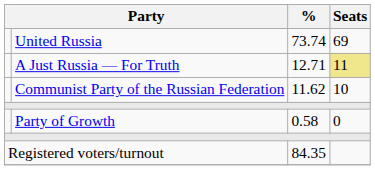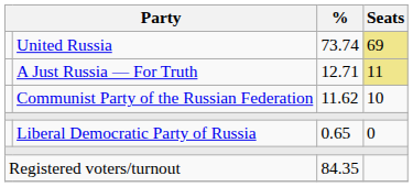 <table class="wikitable">
 <tr>
 <th colspan=2>Party</th>
 <th>%</th>
 <th>Seats</th>
 </tr>
 <tr>
 <td style="background:"></td>
 <td><a href='#'>United Russia</a></td>
 <td>73.74</td>
-<td>69</td>
+<td style="background: khaki;">69</td>
 </tr>
 <tr>
 <td style="background:"></td>
 <td><a href='#'>A Just Russia — For Truth</a></td>
 <td>12.71</td>
 <td style="background: khaki;">11</td>
 </tr>
 <tr>
 <td style="background:"></td>
 <td><a href='#'>Communist Party of the Russian Federation</a></td>
 <td>11.62</td>
 <td>10</td>
 </tr>
 <tr>
 <td colspan=4 style="background:#E9E9E9;"></td>
 </tr>
 <tr>
 <td style="background:"></td>
-<td><a href='#'>Party of Growth</a></td>
-<td>0.58</td>
+<td><a href='#'>Liberal Democratic Party of Russia</a></td>
+<td>0.65</td>
 <td>0</td>
 </tr>
 <tr>
 <td colspan=4 style="background:#E9E9E9;"></td>
 </tr>
 <tr>
 <td align=left colspan=2>Registered voters/turnout</td>
 <td>84.35</td>
 <td></td>
 </tr>
 <tr>
 </tr>
 </table>
